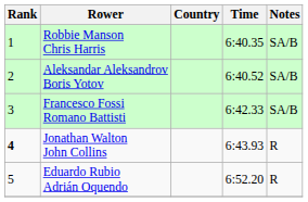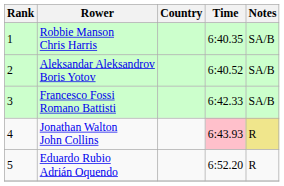 <table class="wikitable">
 <tr>
 <th>Rank</th>
 <th>Rower</th>
 <th>Country</th>
 <th>Time</th>
 <th>Notes</th>
 </tr>
 <tr bgcolor=ccffcc>
 <td>1</td>
 <td><a href='#'>Robbie Manson</a><br><a href='#'>Chris Harris</a></td>
 <td></td>
 <td>6:40.35</td>
 <td>SA/B</td>
 </tr>
 <tr bgcolor=ccffcc>
 <td>2</td>
 <td><a href='#'>Aleksandar Aleksandrov</a><br><a href='#'>Boris Yotov</a></td>
 <td></td>
 <td>6:40.52</td>
 <td>SA/B</td>
 </tr>
 <tr bgcolor=ccffcc>
 <td>3</td>
 <td><a href='#'>Francesco Fossi</a><br><a href='#'>Romano Battisti</a></td>
 <td></td>
 <td>6:42.33</td>
 <td>SA/B</td>
 </tr>
 <tr>
-<td><strong>4</strong></td>
+<td>4</td>
 <td><a href='#'>Jonathan Walton</a><br><a href='#'>John Collins</a></td>
 <td></td>
-<td>6:43.93</td>
-<td>R</td>
+<td style="background: pink;">6:43.93</td>
+<td style="background: khaki;">R</td>
 </tr>
 <tr>
 <td>5</td>
 <td><a href='#'>Eduardo Rubio</a><br><a href='#'>Adrián Oquendo</a></td>
 <td></td>
 <td>6:52.20</td>
 <td>R</td>
 </tr>
 <tr>
 </tr>
 </table>
